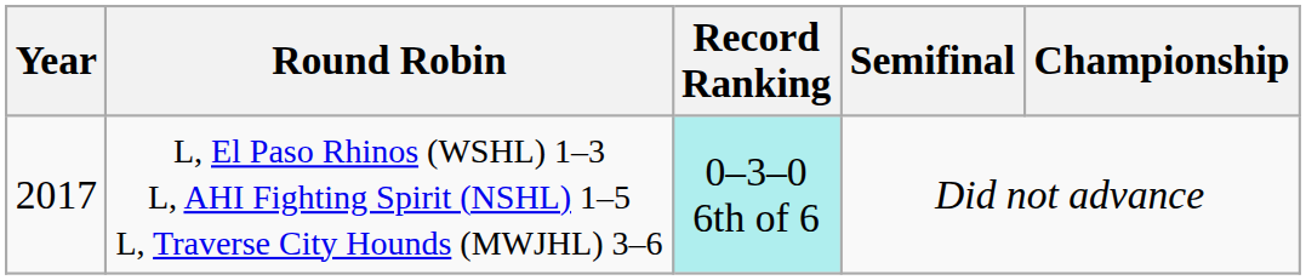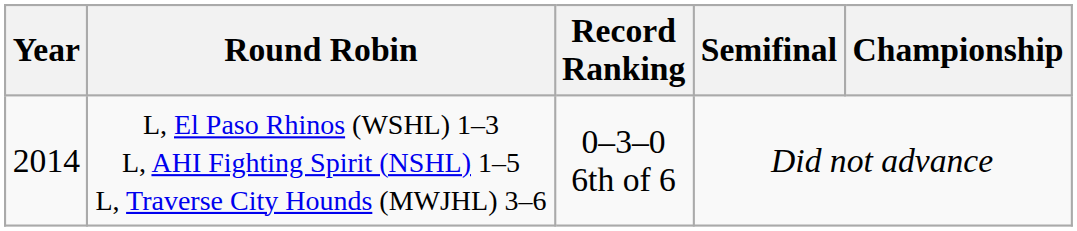 <table class="wikitable">
 <tr>
 <th>Year</th>
 <th>Round Robin</th>
 <th>Record <br> Ranking</th>
 <th>Semifinal</th>
 <th>Championship</th>
 </tr>
 <tr align="center">
-<td>2017</td>
+<td>2014</td>
 <td><small> L, <a href='#'>El Paso Rhinos</a> (WSHL) 1–3<br>L, <a href='#'>AHI Fighting Spirit (NSHL)</a> 1–5<br>L, <a href='#'>Traverse City Hounds</a> (MWJHL) 3–6</small></td>
-<td style="background: paleturquoise;">0–3–0<br>6th of 6</td>
+<td>0–3–0<br>6th of 6</td>
 <td colspan=2><em>Did not advance</em></td>
 </tr>
 </table>
